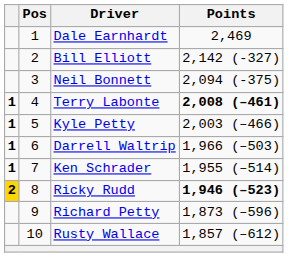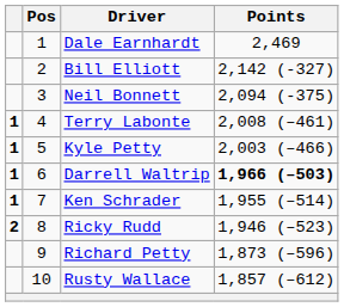 <table class="wikitable" style="font-size: 95%;">
 <tr>
 <th></th>
 <th>Pos</th>
 <th>Driver</th>
 <th>Points</th>
 </tr>
 <tr>
 <td align="left"></td>
 <td style="text-align:center;">1</td>
 <td><a href='#'>Dale Earnhardt</a></td>
 <td style="text-align:center;">2,469</td>
 </tr>
 <tr>
 <td align="left"></td>
 <td style="text-align:center;">2</td>
 <td><a href='#'>Bill Elliott</a></td>
 <td style="text-align:center;">2,142 (-327)</td>
 </tr>
 <tr>
 <td align="left"></td>
 <td style="text-align:center;">3</td>
 <td><a href='#'>Neil Bonnett</a></td>
 <td style="text-align:center;">2,094 (-375)</td>
 </tr>
 <tr>
 <td align="left">  <strong>1</strong></td>
 <td style="text-align:center;">4</td>
 <td><a href='#'>Terry Labonte</a></td>
-<td style="text-align:center;"><strong>2,008 (–461)</strong></td>
+<td style="text-align:center;">2,008 (–461)</td>
 </tr>
 <tr>
 <td align="left">  <strong>1</strong></td>
 <td style="text-align:center;">5</td>
 <td><a href='#'>Kyle Petty</a></td>
 <td style="text-align:center;">2,003 (–466)</td>
 </tr>
 <tr>
 <td align="left">  <strong>1</strong></td>
 <td style="text-align:center;">6</td>
 <td><a href='#'>Darrell Waltrip</a></td>
-<td style="text-align:center;">1,966 (–503)</td>
+<td style="text-align:center;"><strong>1,966 (–503)</strong></td>
 </tr>
 <tr>
 <td align="left">  <strong>1</strong></td>
 <td style="text-align:center;">7</td>
 <td><a href='#'>Ken Schrader</a></td>
 <td style="text-align:center;">1,955 (–514)</td>
 </tr>
 <tr>
-<td align="left" style="background: gold;">  <strong>2</strong></td>
+<td align="left">  <strong>2</strong></td>
 <td style="text-align:center;">8</td>
 <td><a href='#'>Ricky Rudd</a></td>
-<td style="text-align:center;"><strong>1,946 (–523)</strong></td>
+<td style="text-align:center;">1,946 (–523)</td>
 </tr>
 <tr>
 <td align="left"></td>
 <td style="text-align:center;">9</td>
 <td><a href='#'>Richard Petty</a></td>
 <td style="text-align:center;">1,873 (–596)</td>
 </tr>
 <tr>
 <td align="left"></td>
 <td style="text-align:center;">10</td>
 <td><a href='#'>Rusty Wallace</a></td>
 <td style="text-align:center;">1,857 (–612)</td>
 </tr>
 <tr class="sortbottom">
 <th colspan="9"></th>
 </tr>
 </table>
